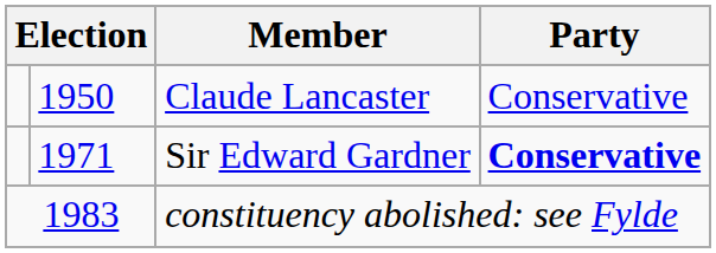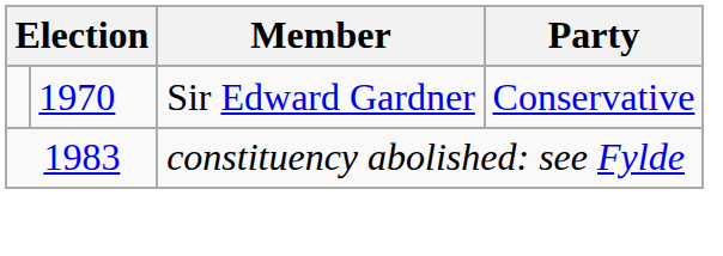 <table class="wikitable">
 <tr>
 <th colspan="2">Election</th>
 <th>Member</th>
 <th>Party</th>
 </tr>
 <tr>
 <td style="color:inherit;background-color: "></td>
-<td><a href='#'>1950</a></td>
-<td><a href='#'>Claude Lancaster</a></td>
+<td><a href='#'>1970</a></td>
+<td>Sir <a href='#'>Edward Gardner</a></td>
 <td><a href='#'>Conservative</a></td>
-</tr>
-<tr>
-<td style="color:inherit;background-color: "></td>
-<td><a href='#'>1971</a></td>
-<td>Sir <a href='#'>Edward Gardner</a></td>
-<td><strong><a href='#'>Conservative</a></strong></td>
 </tr>
 <tr>
 <td colspan="2" align="center"><a href='#'>1983</a></td>
 <td colspan="2"><em>constituency abolished: see <a href='#'>Fylde</a></em></td>
 </tr>
 </table>
